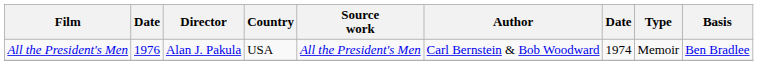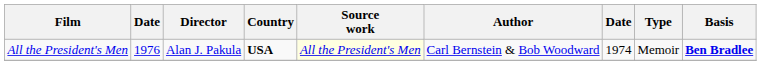 <table class="wikitable">
 <tr>
 <th>Film</th>
 <th>Date</th>
 <th>Director</th>
 <th>Country</th>
 <th>Source<br>work</th>
 <th>Author</th>
 <th>Date</th>
 <th>Type</th>
 <th>Basis</th>
 </tr>
 <tr>
 <td><em><a href='#'>All the President's Men</a></em></td>
 <td><a href='#'>1976</a></td>
 <td><a href='#'>Alan J. Pakula</a></td>
-<td>USA</td>
-<td><em><a href='#'>All the President's Men</a></em></td>
+<td><strong>USA</strong></td>
+<td style="background: lightyellow;"><em><a href='#'>All the President's Men</a></em></td>
 <td><a href='#'>Carl Bernstein</a> & <a href='#'>Bob Woodward</a></td>
 <td>1974</td>
 <td>Memoir</td>
-<td><a href='#'>Ben Bradlee</a></td>
+<td><strong><a href='#'>Ben Bradlee</a></strong></td>
 </tr>
 <tr>
 </tr>
 </table>
